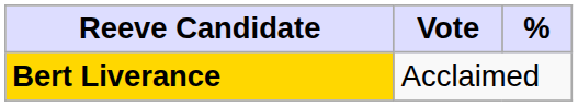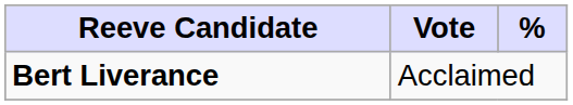 <table class="wikitable">
 <tr>
 <th style="background:#ddf; width:200px;">Reeve Candidate </th>
 <th style="background:#ddf; width:50px;">Vote</th>
 <th style="background:#ddf; width:30px;">%</th>
 </tr>
 <tr>
-<td style="background: gold;"><strong>Bert Liverance</strong></td>
+<td><strong>Bert Liverance</strong></td>
 <td colspan="2">Acclaimed</td>
 </tr>
 </table>
